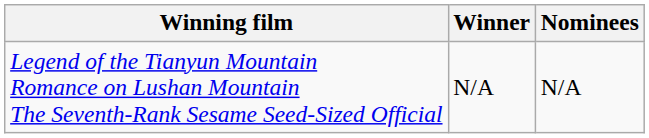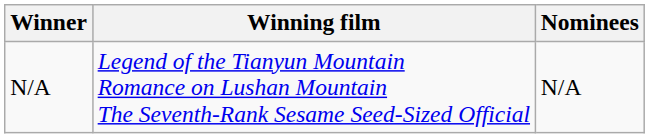 <table class="wikitable">
 <tr>
+<th>Winner</th>
 <th>Winning film</th>
-<th>Winner</th>
 <th>Nominees</th>
 </tr>
 <tr>
+<td>N/A</td>
 <td><em><a href='#'>Legend of the Tianyun Mountain</a></em><br><em><a href='#'>Romance on Lushan Mountain</a></em><br><em><a href='#'>The Seventh-Rank Sesame Seed-Sized Official</a></em></td>
-<td>N/A</td>
 <td>N/A</td>
 </tr>
 </table>
